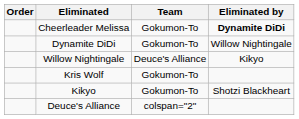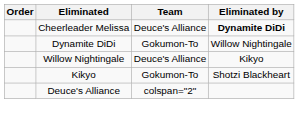 <table class="wikitable sortable" style="text-align:center;">
 <tr>
 <th>Order</th>
 <th>Eliminated</th>
 <th>Team</th>
 <th>Eliminated by</th>
 </tr>
 <tr>
 <td></td>
 <td>Cheerleader Melissa</td>
-<td>Gokumon-To</td>
+<td>Deuce's Alliance</td>
 <td><strong>Dynamite DiDi</strong></td>
 </tr>
 <tr>
 <td></td>
 <td>Dynamite DiDi</td>
 <td>Gokumon-To</td>
 <td>Willow Nightingale</td>
 </tr>
 <tr>
 <td></td>
 <td>Willow Nightingale</td>
 <td>Deuce's Alliance</td>
 <td>Kikyo</td>
 </tr>
 <tr>
 <td></td>
-<td>Kris Wolf</td>
-<td>Gokumon-To</td>
-<td></td>
-</tr>
-<tr>
-<td></td>
 <td>Kikyo</td>
 <td>Gokumon-To</td>
 <td>Shotzi Blackheart</td>
 </tr>
 <tr>
 <td></td>
 <td>Deuce's Alliance</td>
 <td>colspan="2" </td>
 </tr>
 </table>
